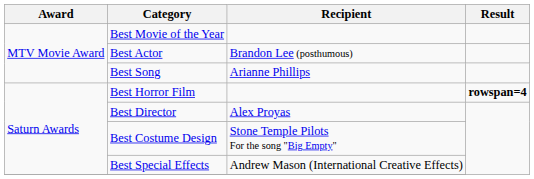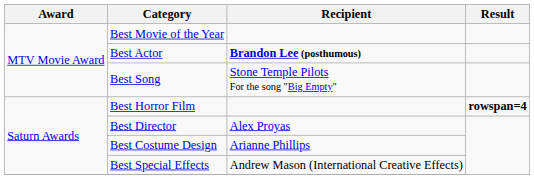 <table class="wikitable plainrowheaders">
 <tr>
 <th scope="col">Award</th>
 <th scope="col">Category</th>
 <th scope="col">Recipient</th>
 <th scope="col">Result</th>
 </tr>
 <tr>
 <td rowspan=3><a href='#'>MTV Movie Award</a></td>
 <td><a href='#'>Best Movie of the Year</a></td>
 <td></td>
 <td></td>
 </tr>
 <tr>
 <td><a href='#'>Best Actor</a></td>
-<td><a href='#'>Brandon Lee</a><small> (posthumous)</small></td>
+<td><strong><a href='#'>Brandon Lee</a><small> (posthumous)</small></strong></td>
 <td></td>
 </tr>
 <tr>
 <td><a href='#'>Best Song</a></td>
-<td><a href='#'>Arianne Phillips</a></td>
+<td><a href='#'>Stone Temple Pilots</a><br><small>For the song "<a href='#'>Big Empty</a>"</small></td>
 <td></td>
 </tr>
 <tr>
 <td rowspan=4><a href='#'>Saturn Awards</a></td>
 <td><a href='#'>Best Horror Film</a></td>
 <td></td>
 <td><strong>rowspan=4 </strong></td>
 </tr>
 <tr>
 <td><a href='#'>Best Director</a></td>
 <td><a href='#'>Alex Proyas</a></td>
 </tr>
 <tr>
 <td><a href='#'>Best Costume Design</a></td>
-<td><a href='#'>Stone Temple Pilots</a><br><small>For the song "<a href='#'>Big Empty</a>"</small></td>
+<td><a href='#'>Arianne Phillips</a></td>
 </tr>
 <tr>
 <td><a href='#'>Best Special Effects</a></td>
 <td>Andrew Mason (International Creative Effects)</td>
 </tr>
 <tr>
 </tr>
 </table>
